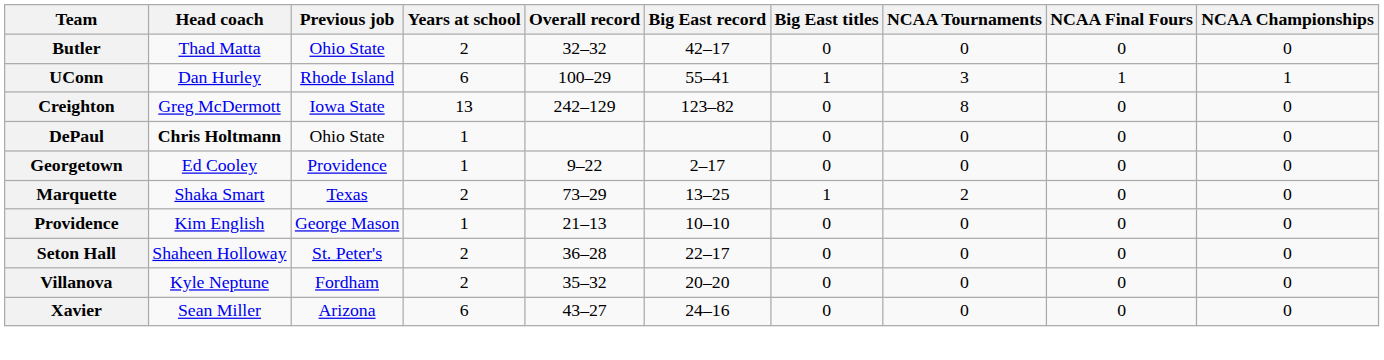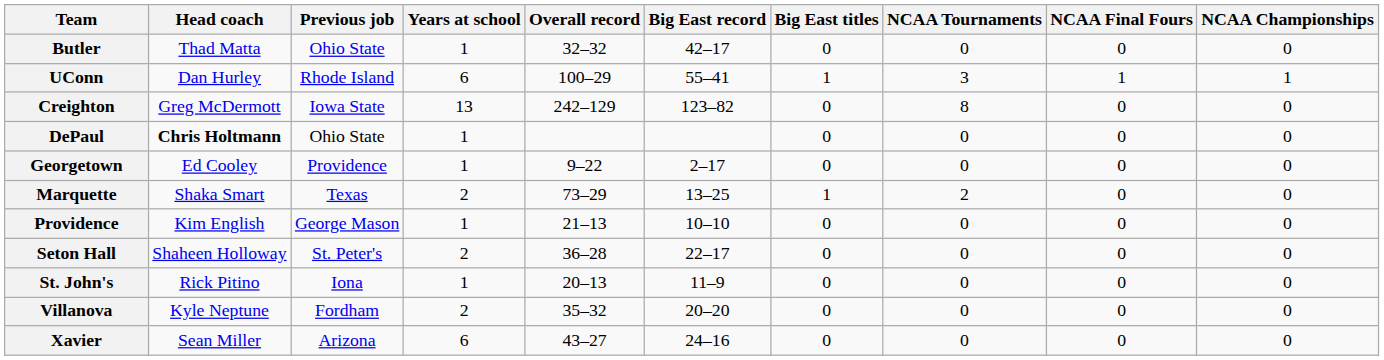 <table class="wikitable sortable" style="text-align: center;font-size:90%;">
 <tr>
 <th width="110">Team</th>
 <th>Head coach</th>
 <th>Previous job</th>
 <th>Years at school</th>
 <th>Overall record</th>
 <th>Big East record</th>
 <th>Big East titles</th>
 <th>NCAA Tournaments</th>
 <th>NCAA Final Fours</th>
 <th>NCAA Championships</th>
 </tr>
 <tr>
 <th>Butler</th>
 <td><a href='#'>Thad Matta</a></td>
 <td><a href='#'>Ohio State</a></td>
-<td>2</td>
+<td>1</td>
 <td>32–32</td>
 <td>42–17</td>
 <td>0</td>
 <td>0</td>
 <td>0</td>
 <td>0</td>
 </tr>
 <tr>
 <th>UConn</th>
 <td><a href='#'>Dan Hurley</a></td>
 <td><a href='#'>Rhode Island</a></td>
 <td>6</td>
 <td>100–29</td>
 <td>55–41</td>
 <td>1</td>
 <td>3</td>
 <td>1</td>
 <td>1</td>
 </tr>
 <tr>
 <th style=>Creighton</th>
 <td><a href='#'>Greg McDermott</a></td>
 <td><a href='#'>Iowa State</a></td>
 <td>13</td>
 <td>242–129</td>
 <td>123–82</td>
 <td>0</td>
 <td>8</td>
 <td>0</td>
 <td>0</td>
 </tr>
 <tr>
 <th style=>DePaul</th>
 <td><strong>Chris Holtmann</strong></td>
 <td>Ohio State</td>
 <td>1</td>
 <td></td>
 <td></td>
 <td>0</td>
 <td>0</td>
 <td>0</td>
 <td>0</td>
 </tr>
 <tr>
 <th style=>Georgetown</th>
 <td><a href='#'>Ed Cooley</a></td>
 <td><a href='#'>Providence</a></td>
 <td>1</td>
 <td>9–22</td>
 <td>2–17</td>
 <td>0</td>
 <td>0</td>
 <td>0</td>
 <td>0</td>
 </tr>
 <tr>
 <th style=>Marquette</th>
 <td><a href='#'>Shaka Smart</a></td>
 <td><a href='#'>Texas</a></td>
 <td>2</td>
 <td>73–29</td>
 <td>13–25</td>
 <td>1</td>
 <td>2</td>
 <td>0</td>
 <td>0</td>
 </tr>
 <tr>
 <th style=>Providence</th>
 <td><a href='#'>Kim English</a></td>
 <td><a href='#'>George Mason</a></td>
 <td>1</td>
 <td>21–13</td>
 <td>10–10</td>
 <td>0</td>
 <td>0</td>
 <td>0</td>
 <td>0</td>
 </tr>
 <tr>
 <th style=>Seton Hall</th>
 <td><a href='#'>Shaheen Holloway</a></td>
 <td><a href='#'>St. Peter's</a></td>
 <td>2</td>
 <td>36–28</td>
 <td>22–17</td>
 <td>0</td>
 <td>0</td>
 <td>0</td>
 <td>0</td>
 </tr>
 <tr>
+<th>St. John's</th>
+<td><a href='#'>Rick Pitino</a></td>
+<td><a href='#'>Iona</a></td>
+<td>1</td>
+<td>20–13</td>
+<td>11–9</td>
+<td>0</td>
+<td>0</td>
+<td>0</td>
+<td>0</td>
+</tr>
+<tr>
 <th>Villanova</th>
 <td><a href='#'>Kyle Neptune</a></td>
 <td><a href='#'>Fordham</a></td>
 <td>2</td>
 <td>35–32</td>
 <td>20–20</td>
 <td>0</td>
 <td>0</td>
 <td>0</td>
 <td>0</td>
 </tr>
 <tr>
 <th>Xavier</th>
 <td><a href='#'>Sean Miller</a></td>
 <td><a href='#'>Arizona</a></td>
 <td>6</td>
 <td>43–27</td>
 <td>24–16</td>
 <td>0</td>
 <td>0</td>
 <td>0</td>
 <td>0</td>
 </tr>
 </table>
